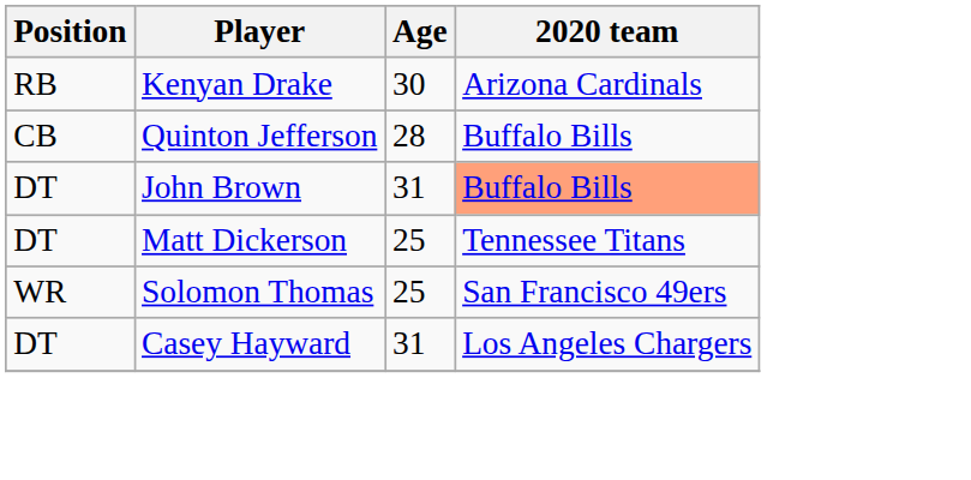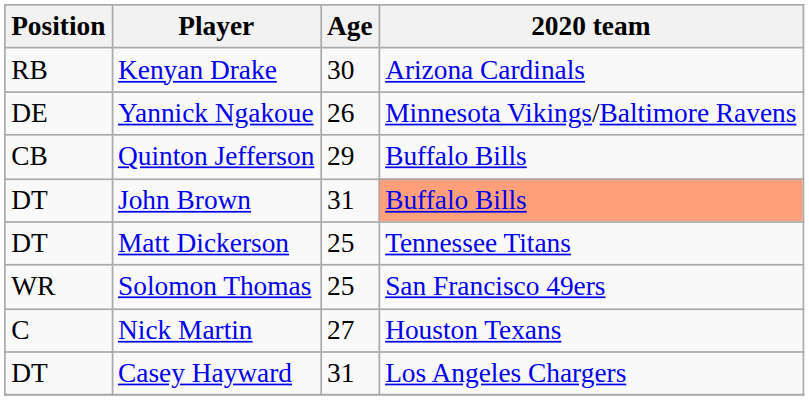 <table class="wikitable">
 <tr>
 <th>Position</th>
 <th>Player</th>
 <th>Age</th>
 <th>2020 team</th>
 </tr>
 <tr>
 <td>RB</td>
 <td><a href='#'>Kenyan Drake</a></td>
 <td>30</td>
 <td><a href='#'>Arizona Cardinals</a></td>
 </tr>
 <tr>
+<td>DE</td>
+<td><a href='#'>Yannick Ngakoue</a></td>
+<td>26</td>
+<td><a href='#'>Minnesota Vikings</a>/<a href='#'>Baltimore Ravens</a></td>
+</tr>
+<tr>
 <td>CB</td>
 <td><a href='#'>Quinton Jefferson</a></td>
-<td>28</td>
+<td>29</td>
 <td><a href='#'>Buffalo Bills</a></td>
 </tr>
 <tr>
 <td>DT</td>
 <td><a href='#'>John Brown</a></td>
 <td>31</td>
 <td style="background: lightsalmon;"><a href='#'>Buffalo Bills</a></td>
 </tr>
 <tr>
 <td>DT</td>
 <td><a href='#'>Matt Dickerson</a></td>
 <td>25</td>
 <td><a href='#'>Tennessee Titans</a></td>
 </tr>
 <tr>
 <td>WR</td>
 <td><a href='#'>Solomon Thomas</a></td>
 <td>25</td>
 <td><a href='#'>San Francisco 49ers</a></td>
 </tr>
 <tr>
+<td>C</td>
+<td><a href='#'>Nick Martin</a></td>
+<td>27</td>
+<td><a href='#'>Houston Texans</a></td>
+</tr>
+<tr>
 <td>DT</td>
 <td><a href='#'>Casey Hayward</a></td>
 <td>31</td>
 <td><a href='#'>Los Angeles Chargers</a></td>
 </tr>
 <tr>
 </tr>
 </table>
